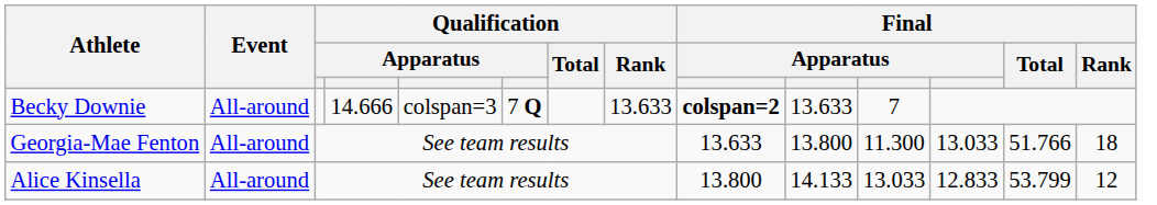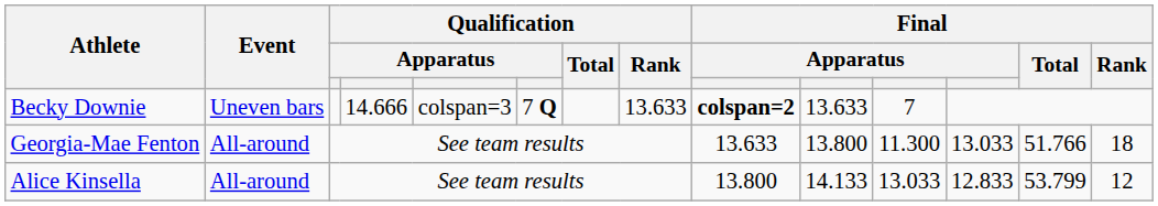 <table class=wikitable style=font-size:90%;text-align:center>
 <tr>
 <th rowspan=3>Athlete</th>
 <th rowspan=3>Event</th>
 <th colspan=6>Qualification</th>
 <th colspan=6>Final</th>
 </tr>
 <tr style=font-size:95%>
 <th colspan=4>Apparatus</th>
 <th rowspan=2>Total</th>
 <th rowspan=2>Rank</th>
 <th colspan=4>Apparatus</th>
 <th rowspan=2>Total</th>
 <th rowspan=2>Rank</th>
 </tr>
 <tr style=font-size:95%>
 <th></th>
 <th></th>
 <th></th>
 <th></th>
 <th></th>
 <th></th>
 <th></th>
 <th></th>
 </tr>
 <tr>
 <td align=left><a href='#'>Becky Downie</a></td>
-<td align=left><a href='#'>All-around</a></td>
+<td align=left><a href='#'>Uneven bars</a></td>
 <td></td>
 <td>14.666</td>
 <td>colspan=3 </td>
 <td>7 <strong>Q</strong></td>
 <td></td>
 <td>13.633</td>
 <td><strong>colspan=2 </strong></td>
 <td>13.633</td>
 <td>7</td>
 </tr>
 <tr>
 <td align=left><a href='#'>Georgia-Mae Fenton</a></td>
 <td align=left><a href='#'>All-around</a></td>
 <td colspan=6><em>See team results</em></td>
 <td>13.633</td>
 <td>13.800</td>
 <td>11.300</td>
 <td>13.033</td>
 <td>51.766</td>
 <td>18</td>
 </tr>
 <tr>
 <td align=left><a href='#'>Alice Kinsella</a></td>
 <td align=left><a href='#'>All-around</a></td>
 <td colspan=6><em>See team results</em></td>
 <td>13.800</td>
 <td>14.133</td>
 <td>13.033</td>
 <td>12.833</td>
 <td>53.799</td>
 <td>12</td>
 </tr>
 </table>
